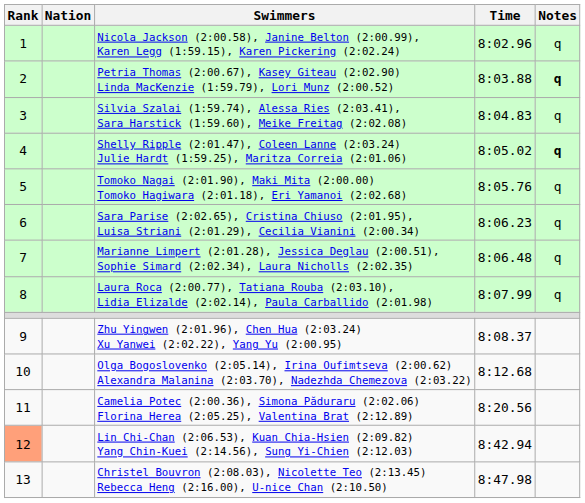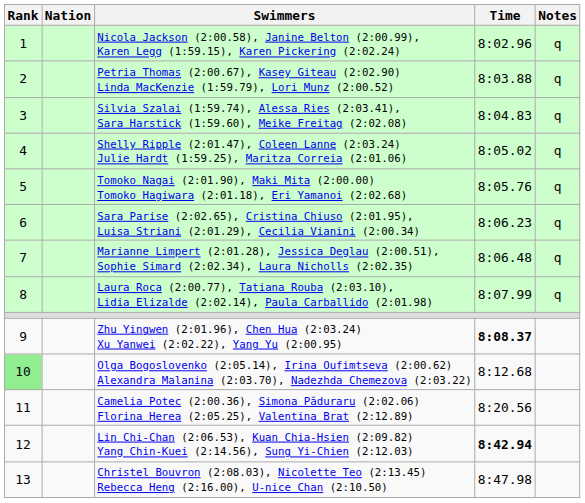 <table class="wikitable sortable" style="text-align:center">
 <tr>
 <th>Rank</th>
 <th>Nation</th>
 <th>Swimmers</th>
 <th>Time</th>
 <th>Notes</th>
 </tr>
 <tr bgcolor=ccffcc>
 <td>1</td>
 <td align=left></td>
 <td align=left><small> <a href='#'>Nicola Jackson</a> (2:00.58), <a href='#'>Janine Belton</a> (2:00.99),<br> <a href='#'>Karen Legg</a> (1:59.15), <a href='#'>Karen Pickering</a> (2:02.24) </small></td>
 <td>8:02.96</td>
 <td>q</td>
 </tr>
 <tr bgcolor=ccffcc>
 <td>2</td>
 <td align=left></td>
 <td align=left><small> <a href='#'>Petria Thomas</a> (2:00.67), <a href='#'>Kasey Giteau</a> (2:02.90)<br> <a href='#'>Linda MacKenzie</a> (1:59.79), <a href='#'>Lori Munz</a> (2:00.52) </small></td>
 <td>8:03.88</td>
-<td><strong>q</strong></td>
+<td>q</td>
 </tr>
 <tr bgcolor=ccffcc>
 <td>3</td>
 <td align=left></td>
 <td align=left><small> <a href='#'>Silvia Szalai</a> (1:59.74), <a href='#'>Alessa Ries</a> (2:03.41),<br> <a href='#'>Sara Harstick</a> (1:59.60), <a href='#'>Meike Freitag</a> (2:02.08) </small></td>
 <td>8:04.83</td>
 <td>q</td>
 </tr>
 <tr bgcolor=ccffcc>
 <td>4</td>
 <td align=left></td>
 <td align=left><small> <a href='#'>Shelly Ripple</a> (2:01.47), <a href='#'>Coleen Lanne</a> (2:03.24) <br> <a href='#'>Julie Hardt</a> (1:59.25), <a href='#'>Maritza Correia</a> (2:01.06) </small></td>
 <td>8:05.02</td>
-<td><strong>q</strong></td>
+<td>q</td>
 </tr>
 <tr bgcolor=ccffcc>
 <td>5</td>
 <td align=left></td>
 <td align=left><small> <a href='#'>Tomoko Nagai</a> (2:01.90), <a href='#'>Maki Mita</a> (2:00.00) <br> <a href='#'>Tomoko Hagiwara</a> (2:01.18), <a href='#'>Eri Yamanoi</a> (2:02.68) </small></td>
 <td>8:05.76</td>
 <td>q</td>
 </tr>
 <tr bgcolor=ccffcc>
 <td>6</td>
 <td align=left></td>
 <td align=left><small> <a href='#'>Sara Parise</a> (2:02.65), <a href='#'>Cristina Chiuso</a> (2:01.95),<br> <a href='#'>Luisa Striani</a> (2:01.29), <a href='#'>Cecilia Vianini</a> (2:00.34) </small></td>
 <td>8:06.23</td>
 <td>q</td>
 </tr>
 <tr bgcolor=ccffcc>
 <td>7</td>
 <td align=left></td>
 <td align=left><small> <a href='#'>Marianne Limpert</a> (2:01.28), <a href='#'>Jessica Deglau</a> (2:00.51),<br> <a href='#'>Sophie Simard</a> (2:02.34), <a href='#'>Laura Nicholls</a> (2:02.35) </small></td>
 <td>8:06.48</td>
 <td>q</td>
 </tr>
 <tr bgcolor=ccffcc>
 <td>8</td>
 <td align=left></td>
 <td align=left><small> <a href='#'>Laura Roca</a> (2:00.77), <a href='#'>Tatiana Rouba</a> (2:03.10),<br> <a href='#'>Lidia Elizalde</a> (2:02.14), <a href='#'>Paula Carballido</a> (2:01.98) </small></td>
 <td>8:07.99</td>
 <td>q</td>
 </tr>
 <tr bgcolor=#DDDDDD>
 <td colspan=6></td>
 </tr>
 <tr>
 <td>9</td>
 <td align=left></td>
 <td align=left><small> <a href='#'>Zhu Yingwen</a> (2:01.96), <a href='#'>Chen Hua</a> (2:03.24) <br> <a href='#'>Xu Yanwei</a> (2:02.22), <a href='#'>Yang Yu</a> (2:00.95) </small></td>
-<td>8:08.37</td>
+<td><strong>8:08.37</strong></td>
 <td></td>
 </tr>
 <tr>
-<td>10</td>
+<td style="background: lightgreen;">10</td>
 <td align=left></td>
 <td align=left><small> <a href='#'>Olga Bogoslovenko</a> (2:05.14), <a href='#'>Irina Oufimtseva</a> (2:00.62) <br> <a href='#'>Alexandra Malanina</a> (2:03.70), <a href='#'>Nadezhda Chemezova</a> (2:03.22) </small></td>
 <td>8:12.68</td>
 <td></td>
 </tr>
 <tr>
 <td>11</td>
 <td align=left></td>
 <td align=left><small> <a href='#'>Camelia Potec</a> (2:00.36), <a href='#'>Simona Păduraru</a> (2:02.06) <br> <a href='#'>Florina Herea</a> (2:05.25), <a href='#'>Valentina Brat</a> (2:12.89) </small></td>
 <td>8:20.56</td>
 <td></td>
 </tr>
 <tr>
-<td style="background: lightsalmon;">12</td>
+<td>12</td>
 <td align=left></td>
 <td align=left><small> <a href='#'>Lin Chi-Chan</a> (2:06.53), <a href='#'>Kuan Chia-Hsien</a> (2:09.82) <br> <a href='#'>Yang Chin-Kuei</a> (2:14.56), <a href='#'>Sung Yi-Chien</a> (2:12.03) </small></td>
-<td>8:42.94</td>
+<td><strong>8:42.94</strong></td>
 <td></td>
 </tr>
 <tr>
 <td>13</td>
 <td align=left></td>
 <td align=left><small> <a href='#'>Christel Bouvron</a> (2:08.03), <a href='#'>Nicolette Teo</a> (2:13.45) <br> <a href='#'>Rebecca Heng</a> (2:16.00), <a href='#'>U-nice Chan</a> (2:10.50) </small></td>
 <td>8:47.98</td>
 <td></td>
 </tr>
 <tr>
 </tr>
 </table>
